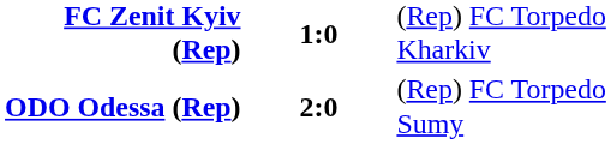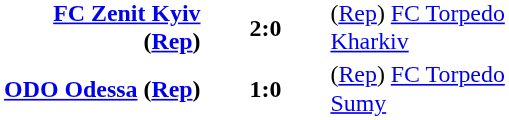 <table width=100% cellspacing=1>
 <tr>
 <th width=20%></th>
 <th width=12%></th>
 <th width=20%></th>
 <th></th>
 </tr>
 <tr style=font-size:90%>
 <td align=right><strong><a href='#'>FC Zenit Kyiv</a> (<a href='#'>Rep</a>)</strong></td>
-<td align=center><strong>1:0</strong></td>
+<td align=center><strong>2:0</strong></td>
 <td>(<a href='#'>Rep</a>) <a href='#'>FC Torpedo Kharkiv</a></td>
 </tr>
 <tr style=font-size:90%>
 <td align=right><strong><a href='#'>ODO Odessa</a> (<a href='#'>Rep</a>)</strong></td>
-<td align=center><strong>2:0</strong></td>
+<td align=center><strong>1:0</strong></td>
 <td>(<a href='#'>Rep</a>) <a href='#'>FC Torpedo Sumy</a></td>
 <td align=center></td>
 </tr>
 </table>
